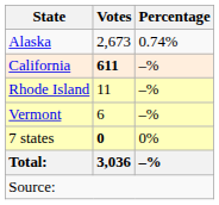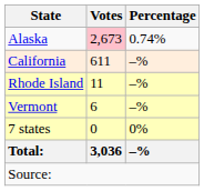 <table class="wikitable mw-collapsible mw-collapsed sortable tpl-blanktable">
 <tr>
 <th>State</th>
 <th>Votes</th>
 <th>Percentage</th>
 </tr>
 <tr>
 <td><a href='#'>Alaska</a></td>
-<td>2,673</td>
+<td style="background: pink;">2,673</td>
 <td>0.74%</td>
 </tr>
 <tr style="background:#FED">
 <td><a href='#'>California</a></td>
-<td><strong>611</strong></td>
+<td>611</td>
 <td>–%</td>
 </tr>
 <tr style="background:#FFFFBB">
 <td><a href='#'>Rhode Island</a></td>
 <td>11</td>
 <td>–%</td>
 </tr>
 <tr style="background:#FFFFBB">
 <td><a href='#'>Vermont</a></td>
 <td>6</td>
 <td>–%</td>
 </tr>
 <tr style="background:#FFFFBB">
 <td>7 states</td>
-<td><strong>0</strong></td>
+<td>0</td>
 <td>0%</td>
 </tr>
 <tr>
 <th style="text-align:left;">Total:</th>
 <th style="text-align:left;">3,036</th>
 <th style="text-align:left;">–%</th>
 </tr>
 <tr>
 <td colspan="3" style="text-align:left;">Source: </td>
 </tr>
 </table>
